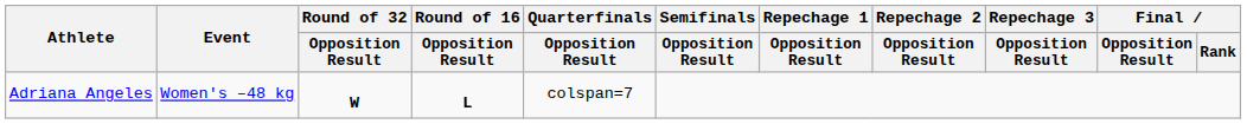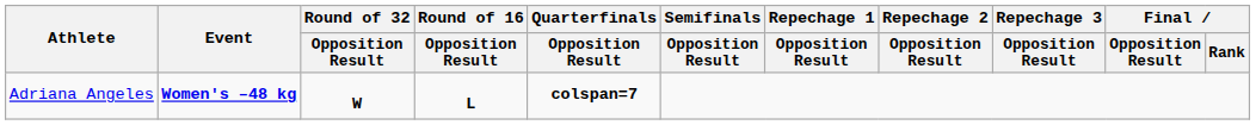 <table class=wikitable style=font-size:90%;text-align:center>
 <tr>
 <th rowspan=2>Athlete</th>
 <th rowspan=2>Event</th>
 <th>Round of 32</th>
 <th>Round of 16</th>
 <th>Quarterfinals</th>
 <th>Semifinals</th>
 <th>Repechage 1</th>
 <th>Repechage 2</th>
 <th>Repechage 3</th>
 <th colspan=2>Final / </th>
 </tr>
 <tr style=font-size:95%>
 <th>Opposition<br>Result</th>
 <th>Opposition<br>Result</th>
 <th>Opposition<br>Result</th>
 <th>Opposition<br>Result</th>
 <th>Opposition<br>Result</th>
 <th>Opposition<br>Result</th>
 <th>Opposition<br>Result</th>
 <th>Opposition<br>Result</th>
 <th>Rank</th>
 </tr>
 <tr>
 <td align=left><a href='#'>Adriana Angeles</a></td>
-<td align=left><a href='#'>Women's –48 kg</a></td>
+<td align=left><strong><a href='#'>Women's –48 kg</a></strong></td>
 <td><br><strong>W</strong></td>
 <td><br><strong>L</strong></td>
-<td>colspan=7 </td>
+<td><strong>colspan=7 </strong></td>
 </tr>
 </table>
